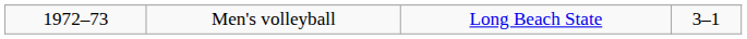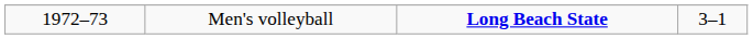 <table class="wikitable" width="50%">
 <tr align="center">
 </tr>
 <tr align="center" bgcolor="">
 <td>1972–73</td>
 <td>Men's volleyball</td>
-<td><a href='#'>Long Beach State</a></td>
+<td><strong><a href='#'>Long Beach State</a></strong></td>
 <td>3–1</td>
 </tr>
 </table>
